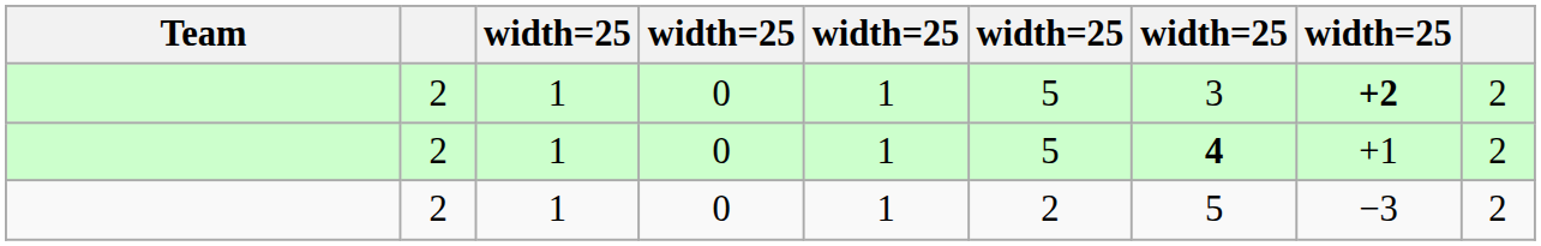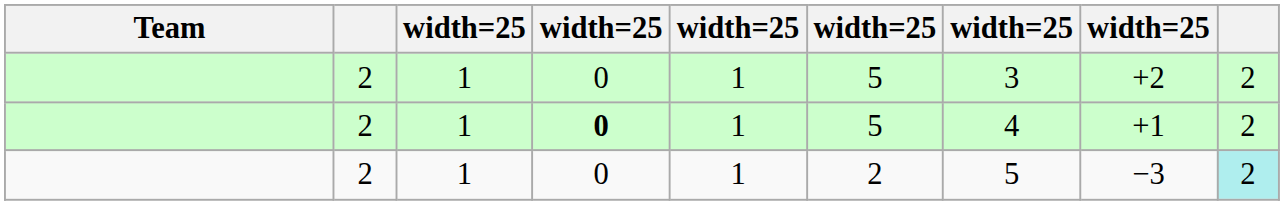 <table class="wikitable" style="text-align: center;">
 <tr>
 <th style="width:165px;">Team</th>
 <th width=25></th>
 <th>width=25</th>
 <th>width=25</th>
 <th>width=25</th>
 <th>width=25</th>
 <th>width=25</th>
 <th>width=25</th>
 <th width=25></th>
 </tr>
 <tr style="background:#cfc;">
 <td align="left"></td>
 <td>2</td>
 <td>1</td>
 <td>0</td>
 <td>1</td>
 <td>5</td>
 <td>3</td>
-<td><strong>+2</strong></td>
+<td>+2</td>
 <td>2</td>
 </tr>
 <tr style="background:#cfc;">
 <td align="left"></td>
 <td>2</td>
 <td>1</td>
-<td>0</td>
+<td><strong>0</strong></td>
 <td>1</td>
 <td>5</td>
-<td><strong>4</strong></td>
+<td>4</td>
 <td>+1</td>
 <td>2</td>
 </tr>
 <tr>
 <td align="left"></td>
 <td>2</td>
 <td>1</td>
 <td>0</td>
 <td>1</td>
 <td>2</td>
 <td>5</td>
 <td>−3</td>
-<td>2</td>
+<td style="background: paleturquoise;">2</td>
 </tr>
 </table>
